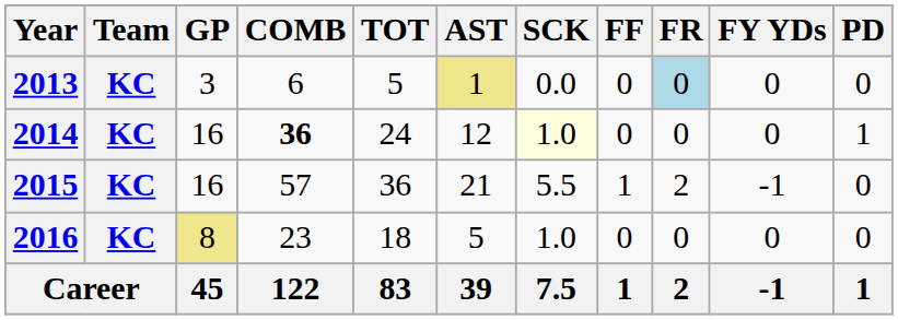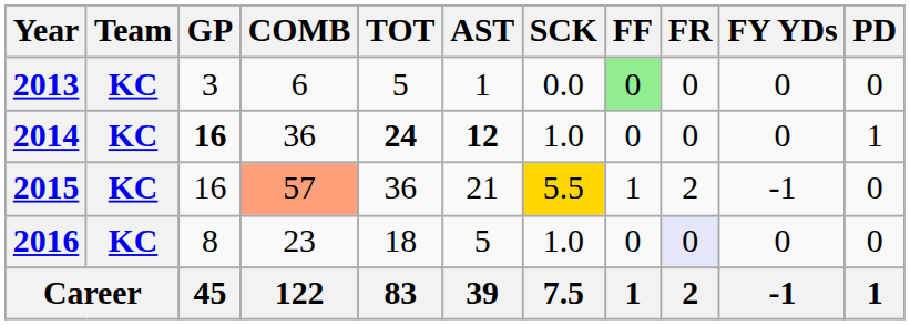 <table class="wikitable" style="text-align:center">
 <tr>
 <th>Year</th>
 <th>Team</th>
 <th>GP</th>
 <th>COMB</th>
 <th>TOT</th>
 <th>AST</th>
 <th>SCK</th>
 <th>FF</th>
 <th>FR</th>
 <th>FY YDs</th>
 <th>PD</th>
 </tr>
 <tr>
 <th><a href='#'>2013</a></th>
 <th><a href='#'>KC</a></th>
 <td>3</td>
 <td>6</td>
 <td>5</td>
-<td style="background: khaki;">1</td>
+<td>1</td>
 <td>0.0</td>
+<td style="background: lightgreen;">0</td>
 <td>0</td>
-<td style="background: lightblue;">0</td>
 <td>0</td>
 <td>0</td>
 </tr>
 <tr>
 <th><a href='#'>2014</a></th>
 <th><a href='#'>KC</a></th>
-<td>16</td>
-<td><strong>36</strong></td>
-<td>24</td>
-<td>12</td>
-<td style="background: lightyellow;">1.0</td>
+<td><strong>16</strong></td>
+<td>36</td>
+<td><strong>24</strong></td>
+<td><strong>12</strong></td>
+<td>1.0</td>
 <td>0</td>
 <td>0</td>
 <td>0</td>
 <td>1</td>
 </tr>
 <tr>
 <th><a href='#'>2015</a></th>
 <th><a href='#'>KC</a></th>
 <td>16</td>
-<td>57</td>
+<td style="background: lightsalmon;">57</td>
 <td>36</td>
 <td>21</td>
-<td>5.5</td>
+<td style="background: gold;">5.5</td>
 <td>1</td>
 <td>2</td>
 <td>-1</td>
 <td>0</td>
 </tr>
 <tr>
 <th><a href='#'>2016</a></th>
 <th><a href='#'>KC</a></th>
-<td style="background: khaki;">8</td>
+<td>8</td>
 <td>23</td>
 <td>18</td>
 <td>5</td>
 <td>1.0</td>
 <td>0</td>
-<td>0</td>
+<td style="background: lavender;">0</td>
 <td>0</td>
 <td>0</td>
 </tr>
 <tr>
 <th colspan="2">Career</th>
 <th>45</th>
 <th>122</th>
 <th>83</th>
 <th>39</th>
 <th>7.5</th>
 <th>1</th>
 <th>2</th>
 <th>-1</th>
 <th>1</th>
 </tr>
 </table>
